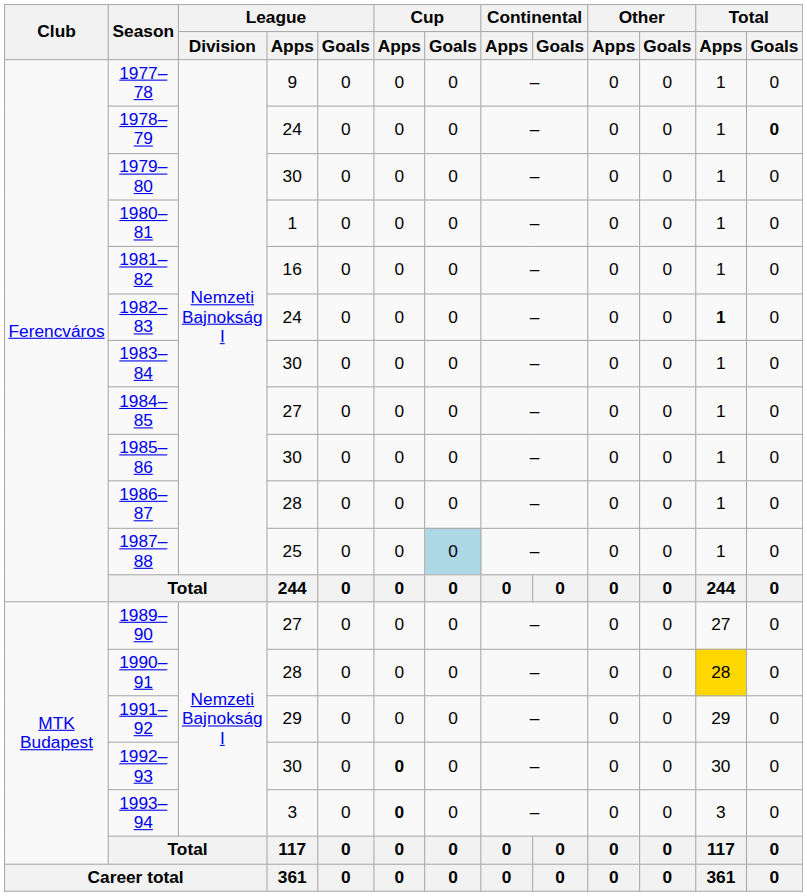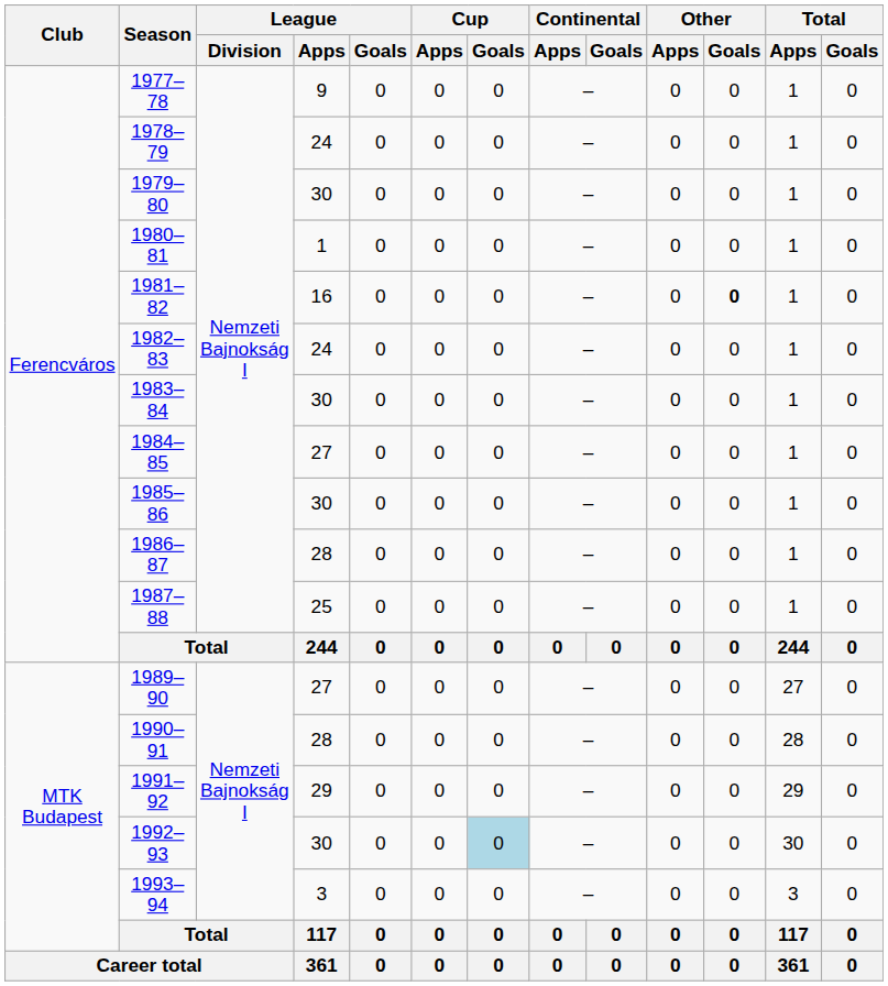 <table class="wikitable" style="text-align: center">
 <tr>
 <th rowspan="2">Club</th>
 <th rowspan="2">Season</th>
 <th colspan="3">League</th>
 <th colspan="2">Cup</th>
 <th colspan="2">Continental</th>
 <th colspan="2">Other</th>
 <th colspan="2">Total</th>
 </tr>
 <tr>
 <th>Division</th>
 <th>Apps</th>
 <th>Goals</th>
 <th>Apps</th>
 <th>Goals</th>
 <th>Apps</th>
 <th>Goals</th>
 <th>Apps</th>
 <th>Goals</th>
 <th>Apps</th>
 <th>Goals</th>
 </tr>
 <tr>
 <td rowspan="12"><a href='#'>Ferencváros</a></td>
 <td><a href='#'>1977–78</a></td>
 <td rowspan="11"><a href='#'>Nemzeti Bajnokság I</a></td>
 <td>9</td>
 <td>0</td>
 <td>0</td>
 <td>0</td>
 <td colspan="2">–</td>
 <td>0</td>
 <td>0</td>
 <td>1</td>
 <td>0</td>
 </tr>
 <tr>
 <td><a href='#'>1978–79</a></td>
 <td>24</td>
 <td>0</td>
 <td>0</td>
 <td>0</td>
 <td colspan="2">–</td>
 <td>0</td>
 <td>0</td>
 <td>1</td>
-<td><strong>0</strong></td>
+<td>0</td>
 </tr>
 <tr>
 <td><a href='#'>1979–80</a></td>
 <td>30</td>
 <td>0</td>
 <td>0</td>
 <td>0</td>
 <td colspan="2">–</td>
 <td>0</td>
 <td>0</td>
 <td>1</td>
 <td>0</td>
 </tr>
 <tr>
 <td><a href='#'>1980–81</a></td>
 <td>1</td>
 <td>0</td>
 <td>0</td>
 <td>0</td>
 <td colspan="2">–</td>
 <td>0</td>
 <td>0</td>
 <td>1</td>
 <td>0</td>
 </tr>
 <tr>
 <td><a href='#'>1981–82</a></td>
 <td>16</td>
 <td>0</td>
 <td>0</td>
 <td>0</td>
 <td colspan="2">–</td>
 <td>0</td>
-<td>0</td>
+<td><strong>0</strong></td>
 <td>1</td>
 <td>0</td>
 </tr>
 <tr>
 <td><a href='#'>1982–83</a></td>
 <td>24</td>
 <td>0</td>
 <td>0</td>
 <td>0</td>
 <td colspan="2">–</td>
 <td>0</td>
 <td>0</td>
-<td><strong>1</strong></td>
+<td>1</td>
 <td>0</td>
 </tr>
 <tr>
 <td><a href='#'>1983–84</a></td>
 <td>30</td>
 <td>0</td>
 <td>0</td>
 <td>0</td>
 <td colspan="2">–</td>
 <td>0</td>
 <td>0</td>
 <td>1</td>
 <td>0</td>
 </tr>
 <tr>
 <td><a href='#'>1984–85</a></td>
 <td>27</td>
 <td>0</td>
 <td>0</td>
 <td>0</td>
 <td colspan="2">–</td>
 <td>0</td>
 <td>0</td>
 <td>1</td>
 <td>0</td>
 </tr>
 <tr>
 <td><a href='#'>1985–86</a></td>
 <td>30</td>
 <td>0</td>
 <td>0</td>
 <td>0</td>
 <td colspan="2">–</td>
 <td>0</td>
 <td>0</td>
 <td>1</td>
 <td>0</td>
 </tr>
 <tr>
 <td><a href='#'>1986–87</a></td>
 <td>28</td>
 <td>0</td>
 <td>0</td>
 <td>0</td>
 <td colspan="2">–</td>
 <td>0</td>
 <td>0</td>
 <td>1</td>
 <td>0</td>
 </tr>
 <tr>
 <td><a href='#'>1987–88</a></td>
 <td>25</td>
 <td>0</td>
 <td>0</td>
-<td style="background: lightblue;">0</td>
+<td>0</td>
 <td colspan="2">–</td>
 <td>0</td>
 <td>0</td>
 <td>1</td>
 <td>0</td>
 </tr>
 <tr>
 <th colspan="2">Total</th>
 <th>244</th>
 <th>0</th>
 <th>0</th>
 <th>0</th>
 <th>0</th>
 <th>0</th>
 <th>0</th>
 <th>0</th>
 <th>244</th>
 <th>0</th>
 </tr>
 <tr>
 <td rowspan="6"><a href='#'>MTK Budapest</a></td>
 <td><a href='#'>1989–90</a></td>
 <td rowspan="5"><a href='#'>Nemzeti Bajnokság I</a></td>
 <td>27</td>
 <td>0</td>
 <td>0</td>
 <td>0</td>
 <td colspan="2">–</td>
 <td>0</td>
 <td>0</td>
 <td>27</td>
 <td>0</td>
 </tr>
 <tr>
 <td><a href='#'>1990–91</a></td>
 <td>28</td>
 <td>0</td>
 <td>0</td>
 <td>0</td>
 <td colspan="2">–</td>
 <td>0</td>
 <td>0</td>
-<td style="background: gold;">28</td>
+<td>28</td>
 <td>0</td>
 </tr>
 <tr>
 <td><a href='#'>1991–92</a></td>
 <td>29</td>
 <td>0</td>
 <td>0</td>
 <td>0</td>
 <td colspan="2">–</td>
 <td>0</td>
 <td>0</td>
 <td>29</td>
 <td>0</td>
 </tr>
 <tr>
 <td><a href='#'>1992–93</a></td>
 <td>30</td>
 <td>0</td>
-<td><strong>0</strong></td>
 <td>0</td>
+<td style="background: lightblue;">0</td>
 <td colspan="2">–</td>
 <td>0</td>
 <td>0</td>
 <td>30</td>
 <td>0</td>
 </tr>
 <tr>
 <td><a href='#'>1993–94</a></td>
 <td>3</td>
 <td>0</td>
-<td><strong>0</strong></td>
+<td>0</td>
 <td>0</td>
 <td colspan="2">–</td>
 <td>0</td>
 <td>0</td>
 <td>3</td>
 <td>0</td>
 </tr>
 <tr>
 <th colspan="2">Total</th>
 <th>117</th>
 <th>0</th>
 <th>0</th>
 <th>0</th>
 <th>0</th>
 <th>0</th>
 <th>0</th>
 <th>0</th>
 <th>117</th>
 <th>0</th>
 </tr>
 <tr>
 <th colspan="3">Career total</th>
 <th>361</th>
 <th>0</th>
 <th>0</th>
 <th>0</th>
 <th>0</th>
 <th>0</th>
 <th>0</th>
 <th>0</th>
 <th>361</th>
 <th>0</th>
 </tr>
 </table>
